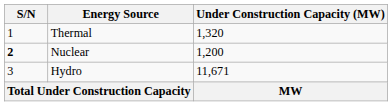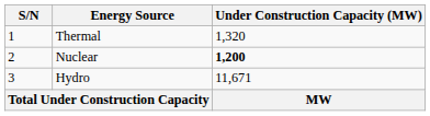 <table class="wikitable sortable">
 <tr>
 <th>S/N</th>
 <th>Energy Source</th>
 <th>Under Construction Capacity (MW)</th>
 </tr>
 <tr>
 <td>1</td>
 <td>Thermal</td>
 <td>1,320</td>
 </tr>
 <tr>
-<td><strong>2</strong></td>
+<td>2</td>
 <td>Nuclear</td>
-<td>1,200</td>
+<td><strong>1,200</strong></td>
 </tr>
 <tr>
 <td>3</td>
 <td>Hydro</td>
 <td>11,671</td>
 </tr>
 <tr>
 <th colspan="2" style="text-align:right;"><strong>Total Under Construction Capacity</strong></th>
 <th style="text-align:center;"><strong> MW</strong></th>
 </tr>
 </table>
